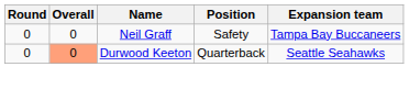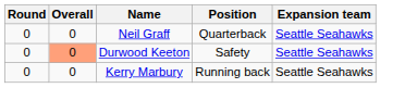 <table class="wikitable" style="text-align:center">
 <tr>
 <th>Round</th>
 <th>Overall</th>
 <th>Name</th>
 <th>Position</th>
 <th>Expansion team</th>
 </tr>
 <tr>
 <td>0</td>
 <td>0</td>
 <td><a href='#'>Neil Graff</a></td>
-<td>Safety</td>
-<td><a href='#'>Tampa Bay Buccaneers</a></td>
+<td>Quarterback</td>
+<td><a href='#'>Seattle Seahawks</a></td>
 </tr>
 <tr>
 <td>0</td>
 <td style="background: lightsalmon;">0</td>
 <td><a href='#'>Durwood Keeton</a></td>
-<td>Quarterback</td>
+<td>Safety</td>
 <td><a href='#'>Seattle Seahawks</a></td>
 </tr>
+<tr>
+<td>0</td>
+<td>0</td>
+<td><a href='#'>Kerry Marbury</a></td>
+<td>Running back</td>
+<td>Seattle Seahawks</td>
+</tr>
 </table>
